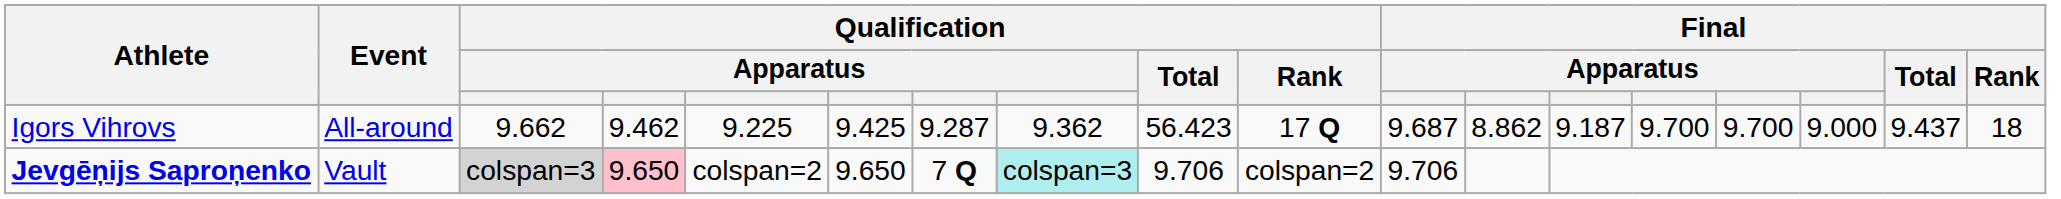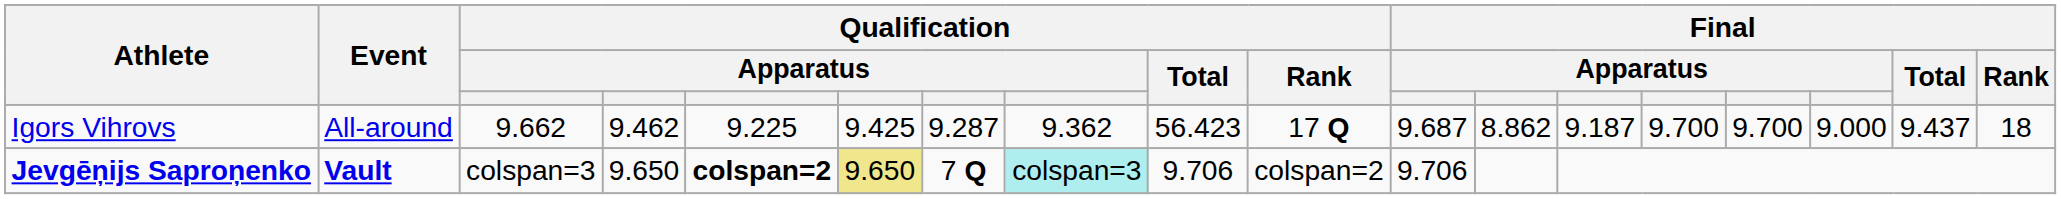 <table class="wikitable" style="font-size:90%">
 <tr>
 <th rowspan=3>Athlete</th>
 <th rowspan=3>Event</th>
 <th colspan =8>Qualification</th>
 <th colspan =8>Final</th>
 </tr>
 <tr style="font-size:95%">
 <th colspan=6>Apparatus</th>
 <th rowspan=2>Total</th>
 <th rowspan=2>Rank</th>
 <th colspan=6>Apparatus</th>
 <th rowspan=2>Total</th>
 <th rowspan=2>Rank</th>
 </tr>
 <tr style="font-size:95%">
 <th></th>
 <th></th>
 <th></th>
 <th></th>
 <th></th>
 <th></th>
 <th></th>
 <th></th>
 <th></th>
 <th></th>
 <th></th>
 <th></th>
 </tr>
 <tr align=center>
 <td align=left><a href='#'>Igors Vihrovs</a></td>
 <td align=left><a href='#'>All-around</a></td>
 <td>9.662</td>
 <td>9.462</td>
 <td>9.225</td>
 <td>9.425</td>
 <td>9.287</td>
 <td>9.362</td>
 <td>56.423</td>
 <td>17 <strong>Q</strong></td>
 <td>9.687</td>
 <td>8.862</td>
 <td>9.187</td>
 <td>9.700</td>
 <td>9.700</td>
 <td>9.000</td>
 <td>9.437</td>
 <td>18</td>
 </tr>
 <tr align=center>
 <td align=left><strong><a href='#'>Jevgēņijs Saproņenko</a></strong></td>
-<td align=left><a href='#'>Vault</a></td>
-<td style="background: lightgrey;">colspan=3 </td>
-<td style="background: pink;">9.650</td>
-<td>colspan=2 </td>
+<td align=left><strong><a href='#'>Vault</a></strong></td>
+<td>colspan=3 </td>
 <td>9.650</td>
+<td><strong>colspan=2 </strong></td>
+<td style="background: khaki;">9.650</td>
 <td>7 <strong>Q</strong></td>
 <td style="background: paleturquoise;">colspan=3 </td>
 <td>9.706</td>
 <td>colspan=2 </td>
 <td>9.706</td>
 <td></td>
 </tr>
 </table>
